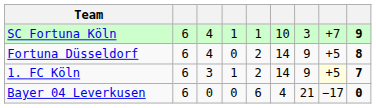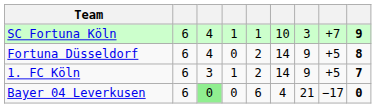 <table class="wikitable" style="text-align: center;">
 <tr>
 <th width=175>Team</th>
 <th width=20></th>
 <th width=20></th>
 <th width=20></th>
 <th width=20></th>
 <th width=20></th>
 <th width=20></th>
 <th width=20></th>
 <th width=20></th>
 </tr>
 <tr bgcolor="#ccffcc">
 <td align=left><a href='#'>SC Fortuna Köln</a></td>
 <td>6</td>
 <td>4</td>
 <td>1</td>
 <td>1</td>
 <td>10</td>
 <td>3</td>
 <td>+7</td>
 <td><strong>9</strong></td>
 </tr>
 <tr>
 <td align=left><a href='#'>Fortuna Düsseldorf</a></td>
 <td>6</td>
 <td>4</td>
 <td>0</td>
 <td>2</td>
 <td>14</td>
 <td>9</td>
 <td>+5</td>
 <td><strong>8</strong></td>
 </tr>
 <tr>
 <td align=left><a href='#'>1. FC Köln</a></td>
 <td>6</td>
 <td>3</td>
 <td>1</td>
 <td>2</td>
 <td>14</td>
 <td>9</td>
-<td style="background: lightyellow;">+5</td>
+<td>+5</td>
 <td><strong>7</strong></td>
 </tr>
 <tr>
 <td align=left><a href='#'>Bayer 04 Leverkusen</a></td>
 <td>6</td>
-<td>0</td>
+<td style="background: lightgreen;">0</td>
 <td>0</td>
 <td>6</td>
 <td>4</td>
 <td>21</td>
 <td>−17</td>
 <td><strong>0</strong></td>
 </tr>
 </table>
